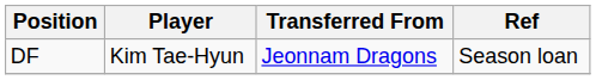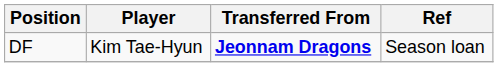 <table class="wikitable sortable" style="width:70%; text-align:center; font-size:100%; text-align:left;">
 <tr>
 <th>Position</th>
 <th>Player</th>
 <th>Transferred From</th>
 <th>Ref</th>
 </tr>
 <tr>
 <td>DF</td>
 <td> Kim Tae-Hyun</td>
-<td> <a href='#'>Jeonnam Dragons</a></td>
+<td><strong> <a href='#'>Jeonnam Dragons</a></strong></td>
 <td>Season loan</td>
 </tr>
 <tr>
 </tr>
 </table>
